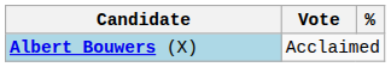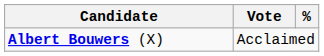 <table class="wikitable">
 <tr>
 <th bgcolor="#DDDDFF" width="200px">Candidate</th>
 <th bgcolor="#DDDDFF">Vote</th>
 <th bgcolor="#DDDDFF">%</th>
 </tr>
 <tr>
-<td style="background: lightblue;"><strong><a href='#'>Albert Bouwers</a></strong> (X)</td>
+<td><strong><a href='#'>Albert Bouwers</a></strong> (X)</td>
 <td colspan="2">Acclaimed</td>
 </tr>
 </table>
